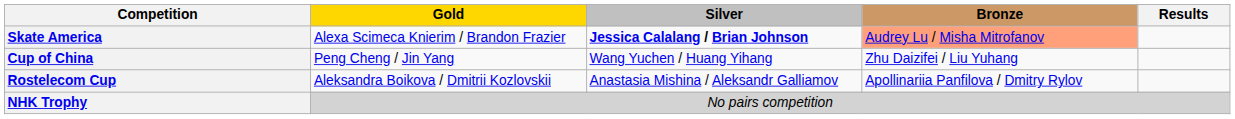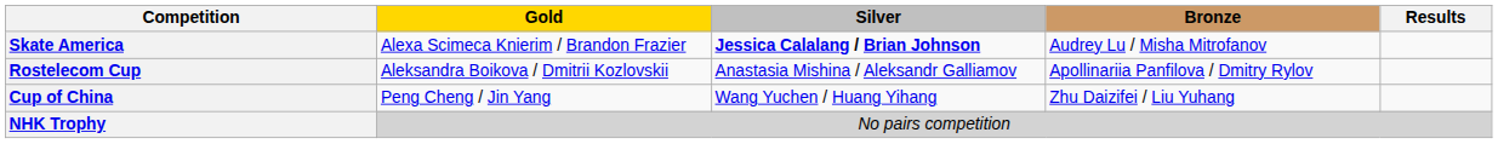 <table class="wikitable unsortable" style="text-align:left; width:90%;">
 <tr>
 <th scope="col" style="text-align:center; width:25%;">Competition</th>
 <td scope="col" style="text-align:center; width:22.5%; background:gold"><strong>Gold</strong></td>
 <td scope="col" style="text-align:center; width:22.5%; background:silver"><strong>Silver</strong></td>
 <td scope="col" style="text-align:center; width:22.5%; background:#c96"><strong>Bronze</strong></td>
 <th scope="col" style="text-align:center; width:7.5%;">Results</th>
 </tr>
 <tr>
 <th scope="row" style="text-align:left"> <a href='#'>Skate America</a></th>
 <td> <a href='#'>Alexa Scimeca Knierim</a> / <a href='#'>Brandon Frazier</a></td>
 <td><strong> <a href='#'>Jessica Calalang</a> / <a href='#'>Brian Johnson</a></strong></td>
-<td style="background: lightsalmon;"> <a href='#'>Audrey Lu</a> / <a href='#'>Misha Mitrofanov</a></td>
+<td> <a href='#'>Audrey Lu</a> / <a href='#'>Misha Mitrofanov</a></td>
+<td></td>
+</tr>
+<tr>
+<th scope="row" style="text-align:left"> <a href='#'>Rostelecom Cup</a></th>
+<td> <a href='#'>Aleksandra Boikova</a> / <a href='#'>Dmitrii Kozlovskii</a></td>
+<td> <a href='#'>Anastasia Mishina</a> / <a href='#'>Aleksandr Galliamov</a></td>
+<td> <a href='#'>Apollinariia Panfilova</a> / <a href='#'>Dmitry Rylov</a></td>
 <td></td>
 </tr>
 <tr>
 <th scope="row" style="text-align:left"> <a href='#'>Cup of China</a></th>
 <td> <a href='#'>Peng Cheng</a> / <a href='#'>Jin Yang</a></td>
 <td> <a href='#'>Wang Yuchen</a> / <a href='#'>Huang Yihang</a></td>
 <td> <a href='#'>Zhu Daizifei</a> / <a href='#'>Liu Yuhang</a></td>
 <td></td>
 </tr>
 <tr>
-<th scope="row" style="text-align:left"> <a href='#'>Rostelecom Cup</a></th>
-<td> <a href='#'>Aleksandra Boikova</a> / <a href='#'>Dmitrii Kozlovskii</a></td>
-<td> <a href='#'>Anastasia Mishina</a> / <a href='#'>Aleksandr Galliamov</a></td>
-<td> <a href='#'>Apollinariia Panfilova</a> / <a href='#'>Dmitry Rylov</a></td>
-<td></td>
-</tr>
-<tr>
 <th scope="row" style="text-align:left"> <a href='#'>NHK Trophy</a></th>
 <td colspan=4 bgcolor="lightgray" align="center"><em>No pairs competition</em></td>
 </tr>
 </table>
